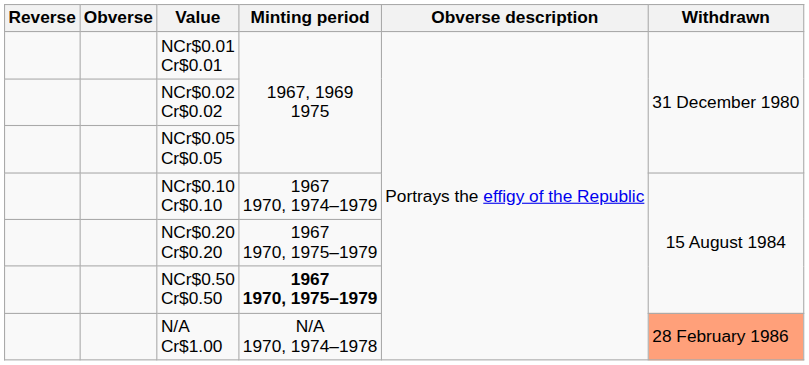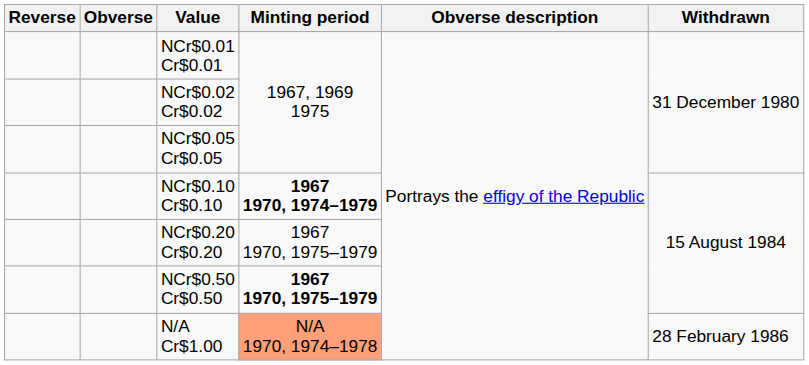 <table class="wikitable">
 <tr>
 <th>Reverse</th>
 <th>Obverse</th>
 <th>Value</th>
 <th>Minting period</th>
 <th>Obverse description</th>
 <th>Withdrawn</th>
 </tr>
 <tr>
 <td></td>
 <td></td>
 <td>NCr$0.01<br>Cr$0.01</td>
 <td rowspan="3" style="text-align: center;">1967, 1969<br>1975</td>
 <td rowspan="7">Portrays the <a href='#'>effigy of the Republic</a></td>
 <td rowspan="3" style="text-align: center;">31 December 1980</td>
 </tr>
 <tr>
 <td></td>
 <td></td>
 <td>NCr$0.02<br>Cr$0.02</td>
 </tr>
 <tr>
 <td></td>
 <td></td>
 <td>NCr$0.05<br>Cr$0.05</td>
 </tr>
 <tr>
 <td></td>
 <td></td>
 <td>NCr$0.10<br>Cr$0.10</td>
-<td style="text-align: center;">1967<br>1970, 1974–1979</td>
+<td style="text-align: center;"><strong>1967<br>1970, 1974–1979</strong></td>
 <td rowspan="3" style="text-align: center;">15 August 1984</td>
 </tr>
 <tr>
 <td></td>
 <td></td>
 <td>NCr$0.20<br>Cr$0.20</td>
 <td style="text-align: center;">1967 <br>1970, 1975–1979</td>
 </tr>
 <tr>
 <td></td>
 <td></td>
 <td>NCr$0.50<br>Cr$0.50</td>
 <td style="text-align: center;"><strong>1967<br>1970, 1975–1979</strong></td>
 </tr>
 <tr>
 <td></td>
 <td></td>
 <td>N/A<br>Cr$1.00</td>
-<td style="text-align: center;">N/A<br>1970, 1974–1978</td>
-<td style="background: lightsalmon;">28 February 1986</td>
+<td style="background: lightsalmon; text-align: center;">N/A<br>1970, 1974–1978</td>
+<td>28 February 1986</td>
 </tr>
 </table>
